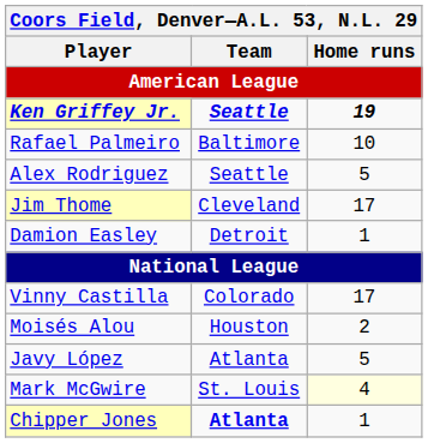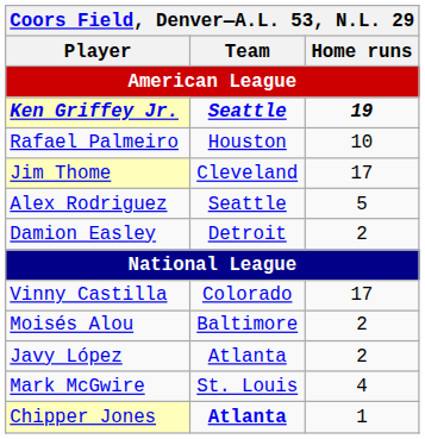 <table class="wikitable" style="text-align:right;">
 <tr>
 <th colspan="3"><a href='#'>Coors Field</a>, Denver—A.L. 53, N.L. 29</th>
 </tr>
 <tr>
 <th>Player</th>
 <th>Team</th>
 <th>Home runs</th>
 </tr>
 <tr>
 <th colspan="3" style="text-align:center; background:#CC0001; color:#FFFFFF;">American League</th>
 </tr>
 <tr>
 <td align="left" style="background:#ffb"><strong><em><a href='#'>Ken Griffey Jr.</a></em></strong></td>
 <td style="text-align:center;"><strong><em><a href='#'>Seattle</a></em></strong></td>
 <td style="text-align:center;"><strong><em>19</em></strong></td>
 </tr>
 <tr>
 <td align="left"><a href='#'>Rafael Palmeiro</a></td>
-<td style="text-align:center;"><a href='#'>Baltimore</a></td>
+<td style="text-align:center;"><a href='#'>Houston</a></td>
 <td style="text-align:center;">10</td>
+</tr>
+<tr>
+<td align="left" style="background:#ffb"><a href='#'>Jim Thome</a></td>
+<td style="text-align:center;"><a href='#'>Cleveland</a></td>
+<td style="text-align:center;">17</td>
 </tr>
 <tr>
 <td align="left"><a href='#'>Alex Rodriguez</a></td>
 <td style="text-align:center;"><a href='#'>Seattle</a></td>
 <td style="text-align:center;">5</td>
 </tr>
 <tr>
-<td align="left" style="background:#ffb"><a href='#'>Jim Thome</a></td>
-<td style="text-align:center;"><a href='#'>Cleveland</a></td>
-<td style="text-align:center;">17</td>
-</tr>
-<tr>
 <td align="left"><a href='#'>Damion Easley</a></td>
 <td style="text-align:center;"><a href='#'>Detroit</a></td>
-<td style="text-align:center;">1</td>
+<td style="text-align:center;">2</td>
 </tr>
 <tr>
 <th colspan="3" style="text-align:center; background:#020088; color:#FFFFFF;">National League</th>
 </tr>
 <tr>
 <td align="left"><a href='#'>Vinny Castilla</a></td>
 <td style="text-align:center;"><a href='#'>Colorado</a></td>
 <td style="text-align:center;">17</td>
 </tr>
 <tr>
 <td align="left"><a href='#'>Moisés Alou</a></td>
-<td style="text-align:center;"><a href='#'>Houston</a></td>
+<td style="text-align:center;"><a href='#'>Baltimore</a></td>
 <td style="text-align:center;">2</td>
 </tr>
 <tr>
 <td align="left"><a href='#'>Javy López</a></td>
 <td style="text-align:center;"><a href='#'>Atlanta</a></td>
-<td style="text-align:center;">5</td>
+<td style="text-align:center;">2</td>
 </tr>
 <tr>
 <td align="left"><a href='#'>Mark McGwire</a></td>
 <td style="text-align:center;"><a href='#'>St. Louis</a></td>
-<td style="background: lightyellow; text-align:center;">4</td>
+<td style="text-align:center;">4</td>
 </tr>
 <tr>
 <td align="left" style="background:#ffb"><a href='#'>Chipper Jones</a></td>
 <td style="text-align:center;"><strong><a href='#'>Atlanta</a></strong></td>
 <td style="text-align:center;">1</td>
 </tr>
 </table>
